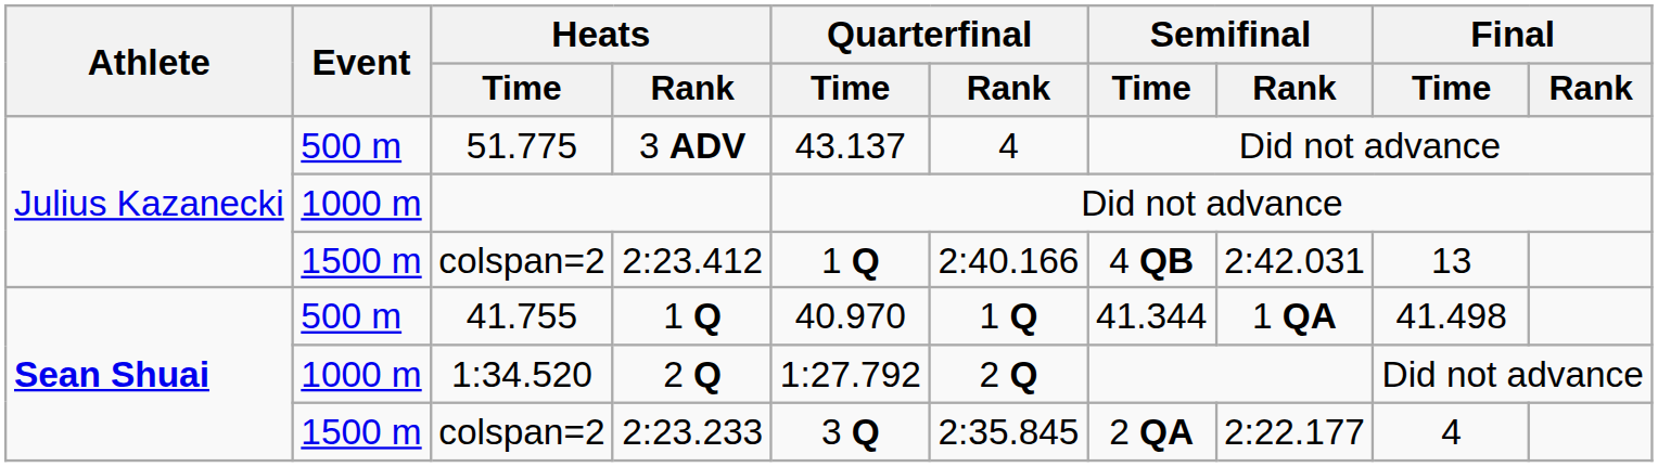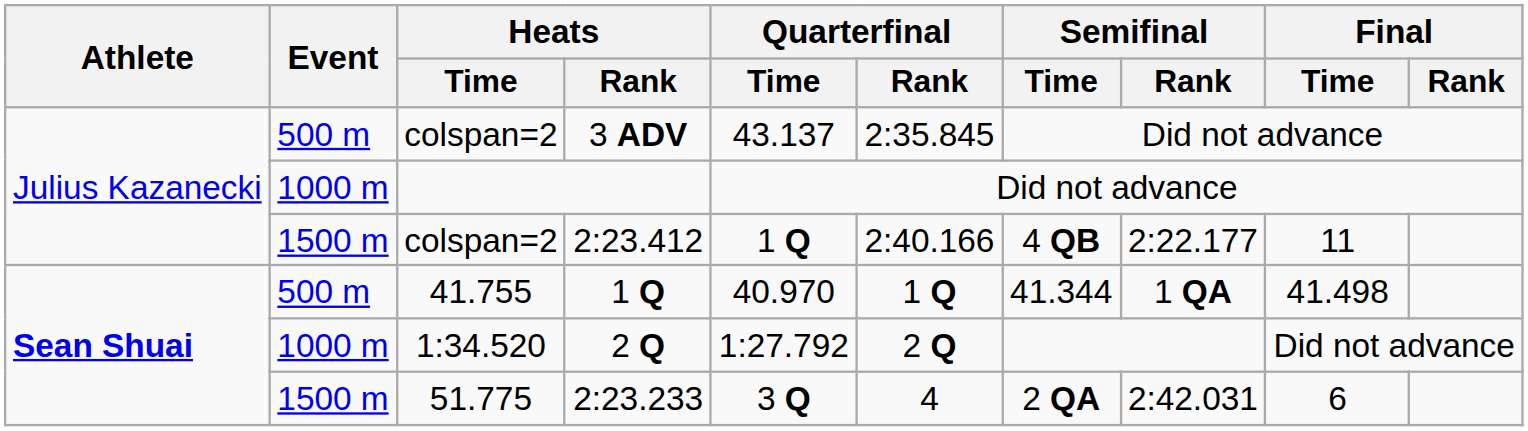 <table class="wikitable" style="font-size:90%">
 <tr>
 <th rowspan=2>Athlete</th>
 <th rowspan=2>Event</th>
 <th colspan=2>Heats</th>
 <th colspan=2>Quarterfinal</th>
 <th colspan=2>Semifinal</th>
 <th colspan=2>Final</th>
 </tr>
 <tr style="font-size:95%">
 <th>Time</th>
 <th>Rank</th>
 <th>Time</th>
 <th>Rank</th>
 <th>Time</th>
 <th>Rank</th>
 <th>Time</th>
 <th>Rank</th>
 </tr>
 <tr align=center>
 <td align=left rowspan=3><a href='#'>Julius Kazanecki</a></td>
 <td align=left><a href='#'>500 m</a></td>
-<td>51.775</td>
+<td>colspan=2</td>
 <td>3 <strong>ADV</strong></td>
 <td>43.137</td>
-<td>4</td>
+<td>2:35.845</td>
 <td colspan=4>Did not advance</td>
 </tr>
 <tr align=center>
 <td align=left><a href='#'>1000 m</a></td>
 <td colspan=2></td>
 <td colspan=6>Did not advance</td>
 </tr>
 <tr align=center>
 <td align=left><a href='#'>1500 m</a></td>
 <td>colspan=2</td>
 <td>2:23.412</td>
 <td>1 <strong>Q</strong></td>
 <td>2:40.166</td>
 <td>4 <strong>QB</strong></td>
-<td>2:42.031</td>
-<td>13</td>
+<td>2:22.177</td>
+<td>11</td>
 </tr>
 <tr align=center>
 <td align=left rowspan=3><strong><a href='#'>Sean Shuai</a></strong></td>
 <td align=left><a href='#'>500 m</a></td>
 <td>41.755</td>
 <td>1 <strong>Q</strong></td>
 <td>40.970</td>
 <td>1 <strong>Q</strong></td>
 <td>41.344</td>
 <td>1 <strong>QA</strong></td>
 <td>41.498</td>
 <td></td>
 </tr>
 <tr align=center>
 <td align=left><a href='#'>1000 m</a></td>
 <td>1:34.520</td>
 <td>2 <strong>Q</strong></td>
 <td>1:27.792</td>
 <td>2 <strong>Q</strong></td>
 <td colspan=2></td>
 <td colspan=2>Did not advance</td>
 </tr>
 <tr align=center>
 <td align=left><a href='#'>1500 m</a></td>
-<td>colspan=2</td>
+<td>51.775</td>
 <td>2:23.233</td>
 <td>3 <strong>Q</strong></td>
-<td>2:35.845</td>
+<td>4</td>
 <td>2 <strong>QA</strong></td>
-<td>2:22.177</td>
-<td>4</td>
+<td>2:42.031</td>
+<td>6</td>
 </tr>
 </table>
